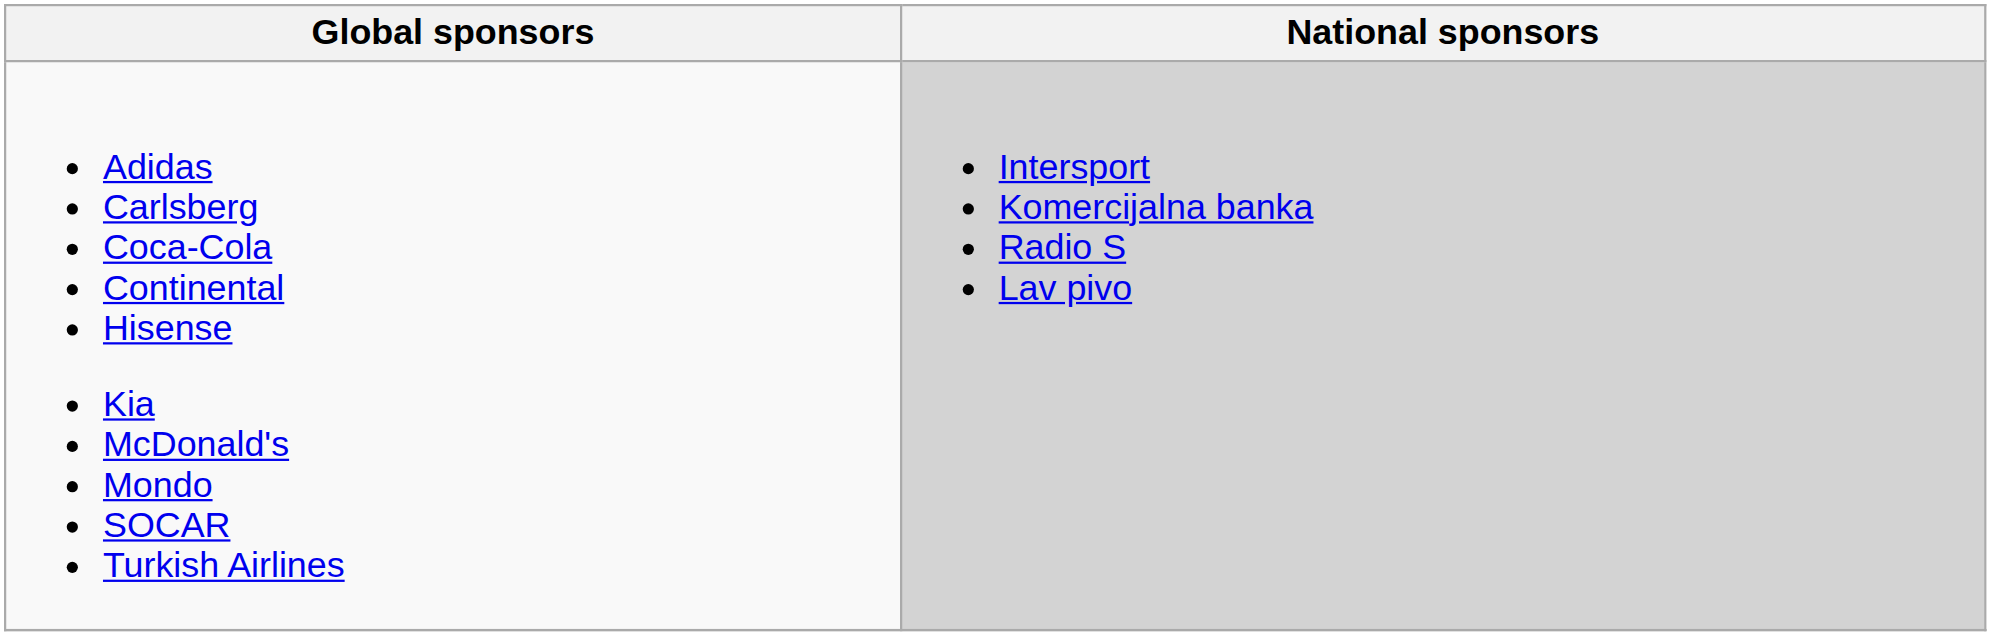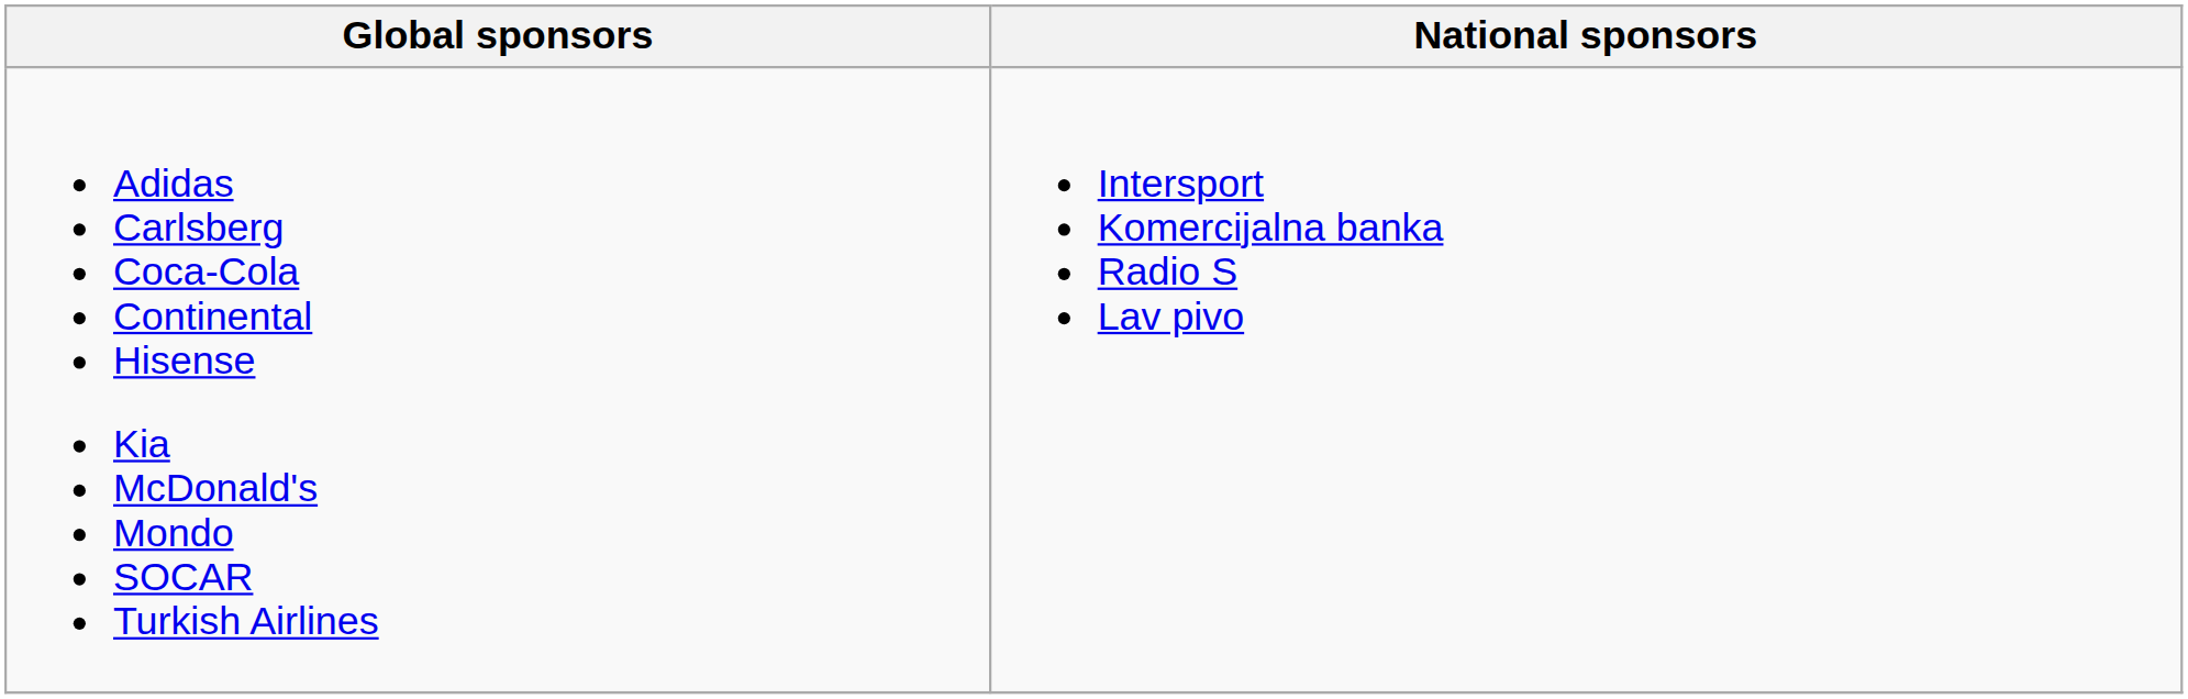 <table class="wikitable" width=70%>
 <tr>
 <th>Global sponsors</th>
 <th>National sponsors</th>
 </tr>
 <tr>
 <td><br> <ul><li><a href='#'>Adidas</a></li><li><a href='#'>Carlsberg</a></li><li><a href='#'>Coca-Cola</a></li><li><a href='#'>Continental</a></li><li><a href='#'>Hisense</a></li></ul><ul><li><a href='#'>Kia</a></li><li><a href='#'>McDonald's</a></li><li><a href='#'>Mondo</a></li><li><a href='#'>SOCAR</a></li><li><a href='#'>Turkish Airlines</a></li></ul></td>
-<td valign=top style="background: lightgrey;"><br><ul><li><a href='#'>Intersport</a></li><li><a href='#'>Komercijalna banka</a></li><li><a href='#'>Radio S</a></li><li><a href='#'>Lav pivo</a></li></ul></td>
+<td valign=top><br><ul><li><a href='#'>Intersport</a></li><li><a href='#'>Komercijalna banka</a></li><li><a href='#'>Radio S</a></li><li><a href='#'>Lav pivo</a></li></ul></td>
 </tr>
 <tr>
 </tr>
 </table>
